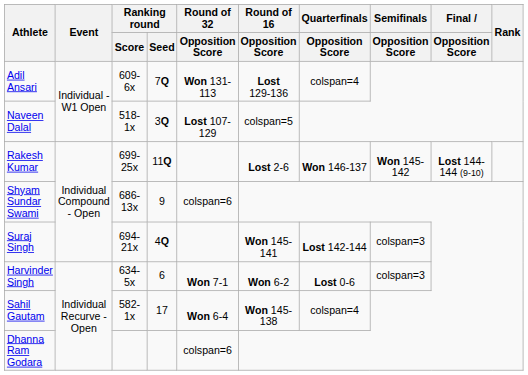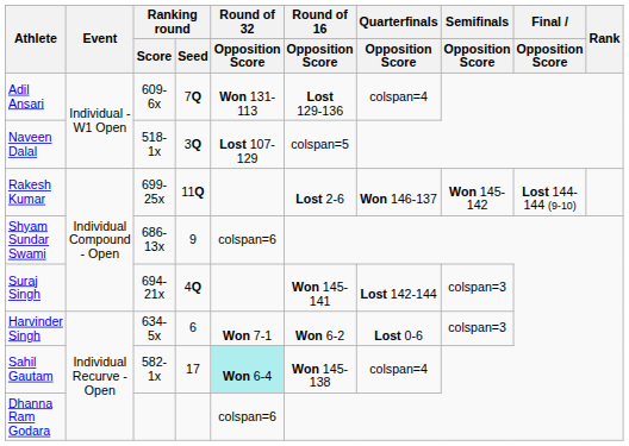 <table class="wikitable" style="text-align:center; font-size:85%">
 <tr>
 <th rowspan="2">Athlete</th>
 <th rowspan="2">Event</th>
 <th colspan="2">Ranking round</th>
 <th>Round of 32</th>
 <th>Round of 16</th>
 <th>Quarterfinals</th>
 <th>Semifinals</th>
 <th>Final / </th>
 <th rowspan="2">Rank</th>
 </tr>
 <tr>
 <th>Score</th>
 <th>Seed</th>
 <th>Opposition<br>Score</th>
 <th>Opposition<br>Score</th>
 <th>Opposition<br>Score</th>
 <th>Opposition<br>Score</th>
 <th>Opposition<br>Score</th>
 </tr>
 <tr>
 <td align=left><a href='#'>Adil Ansari</a></td>
 <td rowspan="2">Individual - W1 Open</td>
 <td>609-6x</td>
 <td>7<strong>Q</strong></td>
 <td><br><strong>Won</strong> 131-113</td>
 <td><br><strong>Lost</strong><br>129-136</td>
 <td>colspan=4 </td>
 </tr>
 <tr>
 <td align=left><a href='#'>Naveen Dalal</a></td>
 <td>518-1x</td>
 <td>3<strong>Q</strong></td>
 <td><br><strong>Lost</strong> 107-129</td>
 <td>colspan=5 </td>
 </tr>
 <tr>
 <td align=left><a href='#'>Rakesh Kumar</a></td>
 <td rowspan="3">Individual Compound - Open</td>
 <td>699-25x</td>
 <td>11<strong>Q</strong></td>
 <td></td>
 <td><br><strong>Lost</strong> 2-6</td>
 <td><br><strong>Won</strong> 146-137</td>
 <td><br><strong>Won</strong> 145-142</td>
 <td><br><strong>Lost</strong> 144-144 <small>(9-10)</small></td>
 <td></td>
 </tr>
 <tr>
 <td align=left><a href='#'>Shyam Sundar Swami</a></td>
 <td>686-13x</td>
 <td>9</td>
 <td>colspan=6 </td>
 </tr>
 <tr>
 <td align=left><a href='#'>Suraj Singh</a></td>
 <td>694-21x</td>
 <td>4<strong>Q</strong></td>
 <td></td>
 <td><br><strong>Won</strong> 145-141</td>
 <td><br><strong>Lost</strong> 142-144</td>
 <td>colspan=3 </td>
 </tr>
 <tr>
 <td align=left><a href='#'>Harvinder Singh</a></td>
 <td rowspan="3">Individual Recurve - Open</td>
 <td>634-5x</td>
 <td>6</td>
 <td><br><strong>Won</strong> 7-1</td>
 <td><br><strong>Won</strong> 6-2</td>
 <td><br><strong>Lost</strong> 0-6</td>
 <td>colspan=3 </td>
 </tr>
 <tr>
 <td align=left><a href='#'>Sahil Gautam</a></td>
 <td>582-1x</td>
 <td>17</td>
-<td><br><strong>Won</strong> 6-4</td>
+<td style="background: paleturquoise;"><br><strong>Won</strong> 6-4</td>
 <td><br><strong>Won</strong> 145-138</td>
 <td>colspan=4 </td>
 </tr>
 <tr>
 <td align=left><a href='#'>Dhanna Ram Godara</a></td>
 <td></td>
 <td></td>
 <td>colspan=6 </td>
 </tr>
 </table>
